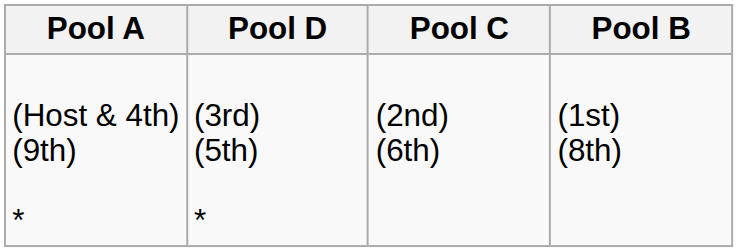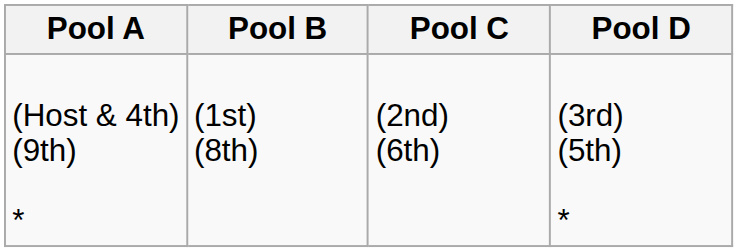 <table class="wikitable">
 <tr>
 <th width=25%>Pool A</th>
+<th width=25%>Pool B</th>
+<th width=25%>Pool C</th>
 <th width=25%>Pool D</th>
-<th width=25%>Pool C</th>
-<th width=25%>Pool B</th>
 </tr>
 <tr>
 <td><br> (Host & 4th)<br>  (9th)<br> <br>  *<br> </td>
+<td valign=top><br> (1st)<br>  (8th)<br> <br> </td>
+<td valign=top><br> (2nd)<br>  (6th)<br> <br> </td>
 <td valign=top><br> (3rd)<br>  (5th)<br> <br> <s></s> *</td>
-<td valign=top><br> (2nd)<br>  (6th)<br> <br> </td>
-<td valign=top><br> (1st)<br>  (8th)<br> <br> </td>
 </tr>
 </table>
